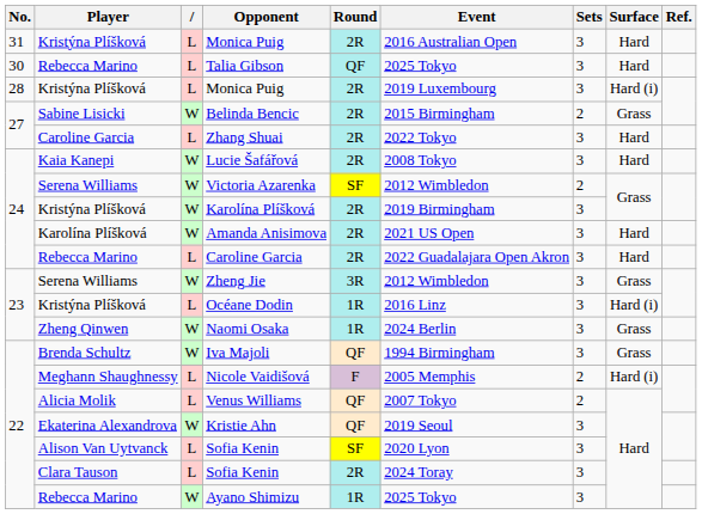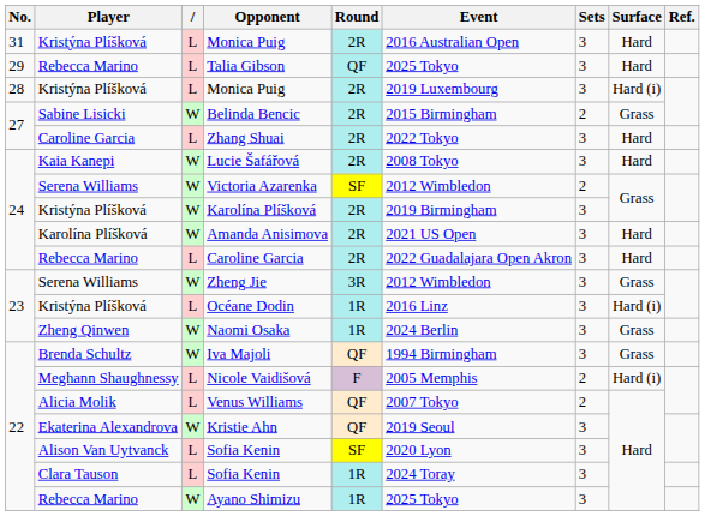 <table class="sortable nowrap wikitable">
 <tr style="background:#efefef;">
 <th scope="col">No.</th>
 <th scope="col">Player</th>
 <th scope="col">/</th>
 <th scope="col">Opponent</th>
 <th scope="col">Round</th>
 <th scope="col">Event</th>
 <th scope="col">Sets</th>
 <th scope="col">Surface</th>
 <th scope="col" class=unsortable>Ref.</th>
 </tr>
 <tr>
 <td>31</td>
 <td> <a href='#'>Kristýna Plíšková</a></td>
 <td style="text-align:center;" bgcolor="#FFCFCF">L</td>
 <td> <a href='#'>Monica Puig</a></td>
 <td bgcolor="#afeeee" style="text-align:center;">2R</td>
 <td><a href='#'>2016 Australian Open</a></td>
 <td>3</td>
 <td style="text-align:center">Hard</td>
 <td rowspan="1"></td>
 </tr>
 <tr>
-<td>30</td>
+<td>29</td>
 <td> <a href='#'>Rebecca Marino</a></td>
 <td style="text-align:center;" bgcolor="#FFCFCF">L</td>
 <td> <a href='#'>Talia Gibson</a></td>
 <td bgcolor="#afeeee" style="text-align:center;">QF</td>
 <td><a href='#'>2025 Tokyo</a></td>
 <td>3</td>
 <td style="text-align:center">Hard</td>
 </tr>
 <tr>
 <td>28</td>
 <td> Kristýna Plíšková</td>
 <td style="text-align:center;" bgcolor="#FFCFCF">L</td>
 <td> Monica Puig</td>
 <td bgcolor="#afeeee" style="text-align:center;">2R</td>
 <td><a href='#'>2019 Luxembourg</a></td>
 <td>3</td>
 <td style="text-align:center">Hard (i)</td>
 <td rowspan="2"></td>
 </tr>
 <tr>
 <td rowspan="2">27</td>
 <td> <a href='#'>Sabine Lisicki</a></td>
 <td style="text-align:center;" bgcolor="#CCFFCC">W</td>
 <td> <a href='#'>Belinda Bencic</a></td>
 <td bgcolor="#afeeee" style="text-align:center;">2R</td>
 <td><a href='#'>2015 Birmingham</a></td>
 <td>2</td>
 <td style="text-align:center">Grass</td>
 </tr>
 <tr>
 <td> <a href='#'>Caroline Garcia</a></td>
 <td style="text-align:center;" bgcolor="#FFCFCF">L</td>
 <td> <a href='#'>Zhang Shuai</a></td>
 <td bgcolor="#afeeee" style="text-align:center;">2R</td>
 <td><a href='#'>2022 Tokyo</a></td>
 <td>3</td>
 <td style="text-align:center">Hard</td>
 <td></td>
 </tr>
 <tr>
 <td rowspan="5">24</td>
 <td> <a href='#'>Kaia Kanepi</a></td>
 <td style="text-align:center;" bgcolor="#CCFFCC">W</td>
 <td> <a href='#'>Lucie Šafářová</a></td>
 <td bgcolor="#afeeee" style="text-align:center;">2R</td>
 <td><a href='#'>2008 Tokyo</a></td>
 <td>3</td>
 <td style="text-align:center">Hard</td>
 <td></td>
 </tr>
 <tr>
 <td> <a href='#'>Serena Williams</a></td>
 <td style="text-align:center;" bgcolor="#CCFFCC">W</td>
 <td> <a href='#'>Victoria Azarenka</a></td>
 <td bgcolor="yellow" style="text-align:center;">SF</td>
 <td><a href='#'>2012 Wimbledon</a></td>
 <td>2</td>
 <td rowspan="2" style="text-align:center">Grass</td>
 <td rowspan="2"></td>
 </tr>
 <tr>
 <td> Kristýna Plíšková</td>
 <td style="text-align:center;" bgcolor="#CCFFCC">W</td>
 <td> <a href='#'>Karolína Plíšková</a></td>
 <td bgcolor="#afeeee" style="text-align:center;">2R</td>
 <td><a href='#'>2019 Birmingham</a></td>
 <td>3</td>
 </tr>
 <tr>
 <td> Karolína Plíšková</td>
 <td style="text-align:center;" bgcolor="#CCFFCC">W</td>
 <td> <a href='#'>Amanda Anisimova</a></td>
 <td bgcolor="#afeeee" style="text-align:center;">2R</td>
 <td><a href='#'>2021 US Open</a></td>
 <td>3</td>
 <td style="text-align:center">Hard</td>
 <td></td>
 </tr>
 <tr>
 <td> <a href='#'>Rebecca Marino</a></td>
 <td style="text-align:center;" bgcolor="#FFCFCF">L</td>
 <td> <a href='#'>Caroline Garcia</a></td>
 <td bgcolor="#afeeee" style="text-align:center;">2R</td>
 <td><a href='#'>2022 Guadalajara Open Akron</a></td>
 <td>3</td>
 <td style="text-align:center">Hard</td>
 <td></td>
 </tr>
 <tr>
 <td rowspan="3">23</td>
 <td> Serena Williams</td>
 <td style="text-align:center;" bgcolor="#CCFFCC">W</td>
 <td> <a href='#'>Zheng Jie</a></td>
 <td bgcolor="#afeeee" style="text-align:center;">3R</td>
 <td><a href='#'>2012 Wimbledon</a></td>
 <td>3</td>
 <td style="text-align:center">Grass</td>
 <td rowspan="2"></td>
 </tr>
 <tr>
 <td> Kristýna Plíšková</td>
 <td style="text-align:center;" bgcolor="#FFCFCF">L</td>
 <td> <a href='#'>Océane Dodin</a></td>
 <td bgcolor="#afeeee" style="text-align:center;">1R</td>
 <td><a href='#'>2016 Linz</a></td>
 <td>3</td>
 <td style="text-align:center">Hard (i)</td>
 </tr>
 <tr>
 <td> <a href='#'>Zheng Qinwen</a></td>
 <td style="text-align:center;" bgcolor="#CCFFCC">W</td>
 <td> <a href='#'>Naomi Osaka</a></td>
 <td bgcolor="#afeeee" style="text-align:center;">1R</td>
 <td><a href='#'>2024 Berlin</a></td>
 <td>3</td>
 <td style="text-align:center">Grass</td>
 <td></td>
 </tr>
 <tr>
 <td rowspan="7">22</td>
 <td> <a href='#'>Brenda Schultz</a></td>
 <td style="text-align:center;" bgcolor="#CCFFCC">W</td>
 <td> <a href='#'>Iva Majoli</a></td>
 <td bgcolor="#ffebcd" style="text-align:center;">QF</td>
 <td><a href='#'>1994 Birmingham</a></td>
 <td>3</td>
 <td style="text-align:center">Grass</td>
 <td></td>
 </tr>
 <tr>
 <td> <a href='#'>Meghann Shaughnessy</a></td>
 <td style="text-align:center;" bgcolor="#FFCFCF">L</td>
 <td> <a href='#'>Nicole Vaidišová</a></td>
 <td bgcolor="thistle" style="text-align:center;">F</td>
 <td><a href='#'>2005 Memphis</a></td>
 <td>2</td>
 <td style="text-align:center">Hard (i)</td>
 <td rowspan="2"></td>
 </tr>
 <tr>
 <td> <a href='#'>Alicia Molik</a></td>
 <td style="text-align:center;" bgcolor="#FFCFCF">L</td>
 <td> <a href='#'>Venus Williams</a></td>
 <td bgcolor="#ffebcd" style="text-align:center;">QF</td>
 <td><a href='#'>2007 Tokyo</a></td>
 <td>2</td>
 <td rowspan="5" style="text-align:center">Hard</td>
 </tr>
 <tr>
 <td> <a href='#'>Ekaterina Alexandrova</a></td>
 <td style="text-align:center;" bgcolor="#CCFFCC">W</td>
 <td> <a href='#'>Kristie Ahn</a></td>
 <td bgcolor="#ffebcd" style="text-align:center;">QF</td>
 <td><a href='#'>2019 Seoul</a></td>
 <td>3</td>
 <td rowspan="2"></td>
 </tr>
 <tr>
 <td> <a href='#'>Alison Van Uytvanck</a></td>
 <td style="text-align:center;" bgcolor="#FFCFCF">L</td>
 <td> <a href='#'>Sofia Kenin</a></td>
 <td bgcolor="yellow" style="text-align:center;">SF</td>
 <td><a href='#'>2020 Lyon</a></td>
 <td>3</td>
 </tr>
 <tr>
 <td> <a href='#'>Clara Tauson</a></td>
 <td style="text-align:center;" bgcolor="#FFCFCF">L</td>
 <td> <a href='#'>Sofia Kenin</a></td>
-<td bgcolor="#afeeee" style="text-align:center;">2R</td>
+<td bgcolor="#afeeee" style="text-align:center;">1R</td>
 <td><a href='#'>2024 Toray</a></td>
 <td>3</td>
 </tr>
 <tr>
 <td> <a href='#'>Rebecca Marino</a></td>
 <td style="text-align:center;" bgcolor="#CCFFCC">W</td>
 <td> <a href='#'>Ayano Shimizu</a></td>
 <td bgcolor="#afeeee" style="text-align:center;">1R</td>
 <td><a href='#'>2025 Tokyo</a></td>
 <td>3</td>
 <td style="text-align:center"></td>
 </tr>
 </table>
